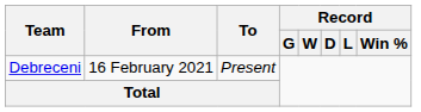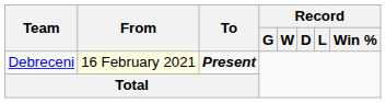 <table class="wikitable" style="text-align: center">
 <tr>
 <th rowspan="2">Team</th>
 <th rowspan="2">From</th>
 <th rowspan="2">To</th>
 <th colspan="5">Record</th>
 </tr>
 <tr>
 <th>G</th>
 <th>W</th>
 <th>D</th>
 <th>L</th>
 <th>Win %</th>
 </tr>
 <tr>
 <td align=left><a href='#'>Debreceni</a></td>
-<td align=left>16 February 2021</td>
-<td align=left><em> Present </em><br></td>
+<td align=left style="background: lightyellow;">16 February 2021</td>
+<td align=left><strong><em> Present </em><br></strong></td>
 </tr>
 <tr>
 <th colspan="3">Total<br></th>
 </tr>
 </table>
